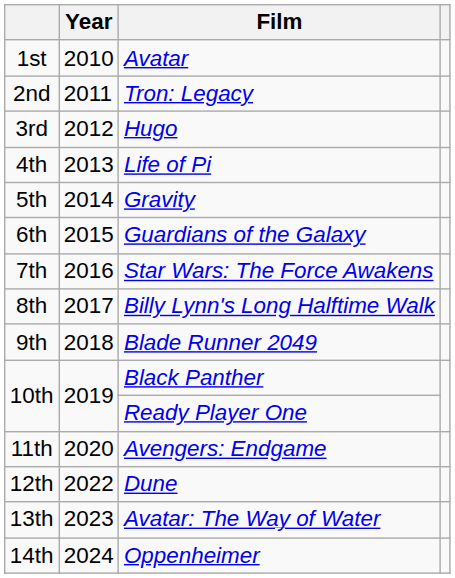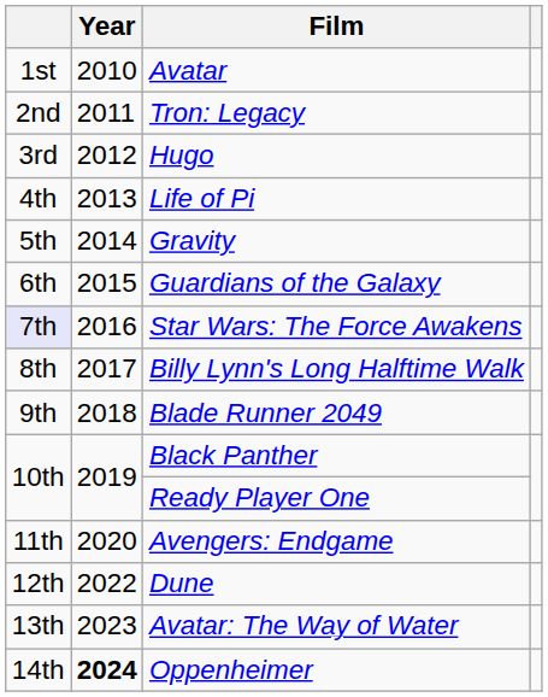 <table class="wikitable">
 <tr>
 <th scope="col"></th>
 <th scope="col">Year</th>
 <th scope="col">Film</th>
 <th scope="col"></th>
 </tr>
 <tr>
 <td scope="row" style="text-align: center;">1st</td>
 <td>2010</td>
 <td><em><a href='#'>Avatar</a></em></td>
 <td style="text-align: center;"></td>
 </tr>
 <tr>
 <td scope="row" style="text-align: center;">2nd</td>
 <td>2011</td>
 <td><em><a href='#'>Tron: Legacy</a></em></td>
 <td style="text-align: center;"></td>
 </tr>
 <tr>
 <td scope="row" style="text-align: center;">3rd</td>
 <td>2012</td>
 <td><em><a href='#'>Hugo</a></em></td>
 <td style="text-align: center;"></td>
 </tr>
 <tr>
 <td scope="row" style="text-align: center;">4th</td>
 <td>2013</td>
 <td><em><a href='#'>Life of Pi</a></em></td>
 <td style="text-align: center;"></td>
 </tr>
 <tr>
 <td scope="row" style="text-align: center;">5th</td>
 <td>2014</td>
 <td><em><a href='#'>Gravity</a></em></td>
 <td style="text-align: center;"></td>
 </tr>
 <tr>
 <td scope="row" style="text-align: center;">6th</td>
 <td>2015</td>
 <td><em><a href='#'>Guardians of the Galaxy</a></em></td>
 <td style="text-align: center;"></td>
 </tr>
 <tr>
-<td scope="row" style="text-align: center;">7th</td>
+<td scope="row" style="background: lavender; text-align: center;">7th</td>
 <td>2016</td>
 <td><em><a href='#'>Star Wars: The Force Awakens</a></em></td>
 <td style="text-align: center;"></td>
 </tr>
 <tr>
 <td scope="row" style="text-align: center;">8th</td>
 <td>2017</td>
 <td><em><a href='#'>Billy Lynn's Long Halftime Walk</a></em></td>
 <td style="text-align: center;"></td>
 </tr>
 <tr>
 <td scope="row" style="text-align: center;">9th</td>
 <td>2018</td>
 <td><em><a href='#'>Blade Runner 2049</a></em></td>
 <td style="text-align: center;"></td>
 </tr>
 <tr>
 <td scope="rowgroup" rowspan="2"  style="text-align: center;">10th</td>
 <td rowspan="2">2019</td>
 <td><em><a href='#'>Black Panther</a></em></td>
 <td rowspan="2" style="text-align: center;"></td>
 </tr>
 <tr>
 <td><em><a href='#'>Ready Player One</a></em></td>
 </tr>
 <tr>
 <td scope="row" style="text-align: center;">11th</td>
 <td>2020</td>
 <td><em><a href='#'>Avengers: Endgame</a></em></td>
 <td style="text-align: center;"></td>
 </tr>
 <tr>
 <td scope="row" style="text-align: center;">12th</td>
 <td>2022</td>
 <td><em><a href='#'>Dune</a></em></td>
 <td style="text-align: center;"></td>
 </tr>
 <tr>
 <td scope="row" style="text-align: center;">13th</td>
 <td>2023</td>
 <td><em><a href='#'>Avatar: The Way of Water</a></em></td>
 <td style="text-align: center;"></td>
 </tr>
 <tr>
 <td scope="row" style="text-align: center;">14th</td>
-<td>2024</td>
+<td><strong>2024</strong></td>
 <td><em><a href='#'> Oppenheimer</a></em></td>
 <td style="text-align: center;"></td>
 </tr>
 </table>
